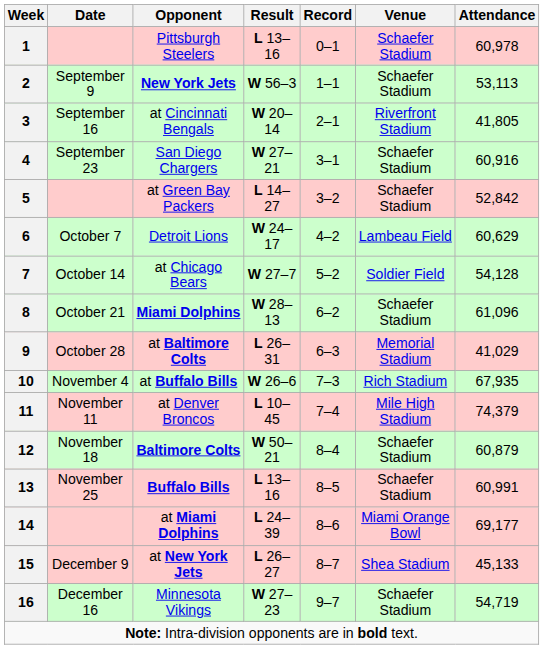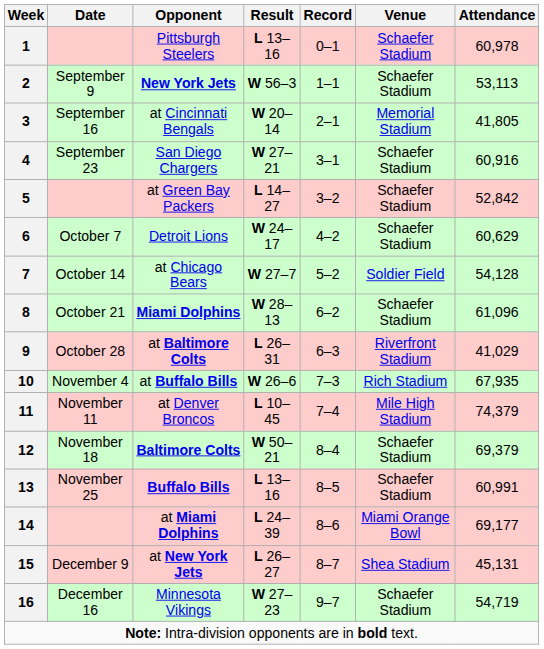 <table class="wikitable" style="text-align:center">
 <tr>
 <th>Week</th>
 <th>Date</th>
 <th>Opponent</th>
 <th>Result</th>
 <th>Record</th>
 <th>Venue</th>
 <th>Attendance</th>
 </tr>
 <tr style="background:#fcc">
 <th>1</th>
 <td></td>
 <td><a href='#'>Pittsburgh Steelers</a></td>
 <td><strong>L</strong> 13–16 </td>
 <td>0–1</td>
 <td><a href='#'>Schaefer Stadium</a></td>
 <td>60,978</td>
 </tr>
 <tr style="background:#cfc">
 <th>2</th>
 <td>September 9</td>
 <td><strong><a href='#'>New York Jets</a></strong></td>
 <td><strong>W</strong> 56–3</td>
 <td>1–1</td>
 <td>Schaefer Stadium</td>
 <td>53,113</td>
 </tr>
 <tr style="background:#cfc">
 <th>3</th>
 <td>September 16</td>
 <td>at <a href='#'>Cincinnati Bengals</a></td>
 <td><strong>W</strong> 20–14</td>
 <td>2–1</td>
-<td><a href='#'>Riverfront Stadium</a></td>
+<td><a href='#'>Memorial Stadium</a></td>
 <td>41,805</td>
 </tr>
 <tr style="background:#cfc">
 <th>4</th>
 <td>September 23</td>
 <td><a href='#'>San Diego Chargers</a></td>
 <td><strong>W</strong> 27–21</td>
 <td>3–1</td>
 <td>Schaefer Stadium</td>
 <td>60,916</td>
 </tr>
 <tr style="background:#fcc">
 <th>5</th>
 <td></td>
 <td>at <a href='#'>Green Bay Packers</a></td>
 <td><strong>L</strong> 14–27</td>
 <td>3–2</td>
 <td>Schaefer Stadium</td>
 <td>52,842</td>
 </tr>
 <tr style="background:#cfc">
 <th>6</th>
 <td>October 7</td>
 <td><a href='#'>Detroit Lions</a></td>
 <td><strong>W</strong> 24–17</td>
 <td>4–2</td>
-<td><a href='#'>Lambeau Field</a></td>
+<td>Schaefer Stadium</td>
 <td>60,629</td>
 </tr>
 <tr style="background:#cfc">
 <th>7</th>
 <td>October 14</td>
 <td>at <a href='#'>Chicago Bears</a></td>
 <td><strong>W</strong> 27–7</td>
 <td>5–2</td>
 <td><a href='#'>Soldier Field</a></td>
 <td>54,128</td>
 </tr>
 <tr style="background:#cfc">
 <th>8</th>
 <td>October 21</td>
 <td><strong><a href='#'>Miami Dolphins</a></strong></td>
 <td><strong>W</strong> 28–13</td>
 <td>6–2</td>
 <td>Schaefer Stadium</td>
 <td>61,096</td>
 </tr>
 <tr style="background:#fcc">
 <th>9</th>
 <td>October 28</td>
 <td>at <strong><a href='#'>Baltimore Colts</a></strong></td>
 <td><strong>L</strong> 26–31</td>
 <td>6–3</td>
-<td><a href='#'>Memorial Stadium</a></td>
+<td><a href='#'>Riverfront Stadium</a></td>
 <td>41,029</td>
 </tr>
 <tr style="background:#cfc">
 <th>10</th>
 <td>November 4</td>
 <td>at <strong><a href='#'>Buffalo Bills</a></strong></td>
 <td><strong>W</strong> 26–6</td>
 <td>7–3</td>
 <td><a href='#'>Rich Stadium</a></td>
 <td>67,935</td>
 </tr>
 <tr style="background:#fcc">
 <th>11</th>
 <td>November 11</td>
 <td>at <a href='#'>Denver Broncos</a></td>
 <td><strong>L</strong> 10–45</td>
 <td>7–4</td>
 <td><a href='#'>Mile High Stadium</a></td>
 <td>74,379</td>
 </tr>
 <tr style="background:#cfc">
 <th>12</th>
 <td>November 18</td>
 <td><strong><a href='#'>Baltimore Colts</a></strong></td>
 <td><strong>W</strong> 50–21</td>
 <td>8–4</td>
 <td>Schaefer Stadium</td>
-<td>60,879</td>
+<td>69,379</td>
 </tr>
 <tr style="background:#fcc">
 <th>13</th>
 <td>November 25</td>
 <td><strong><a href='#'>Buffalo Bills</a></strong></td>
 <td><strong>L</strong> 13–16 </td>
 <td>8–5</td>
 <td>Schaefer Stadium</td>
 <td>60,991</td>
 </tr>
 <tr style="background:#fcc">
 <th>14</th>
 <td></td>
 <td>at <strong><a href='#'>Miami Dolphins</a></strong></td>
 <td><strong>L</strong> 24–39</td>
 <td>8–6</td>
 <td><a href='#'>Miami Orange Bowl</a></td>
 <td>69,177</td>
 </tr>
 <tr style="background:#fcc">
 <th>15</th>
 <td>December 9</td>
 <td>at <strong><a href='#'>New York Jets</a></strong></td>
 <td><strong>L</strong> 26–27</td>
 <td>8–7</td>
 <td><a href='#'>Shea Stadium</a></td>
-<td>45,133</td>
+<td>45,131</td>
 </tr>
 <tr style="background:#cfc">
 <th>16</th>
 <td>December 16</td>
 <td><a href='#'>Minnesota Vikings</a></td>
 <td><strong>W</strong> 27–23</td>
 <td>9–7</td>
 <td>Schaefer Stadium</td>
 <td>54,719</td>
 </tr>
 <tr>
 <td colspan="8"><strong>Note:</strong> Intra-division opponents are in <strong>bold</strong> text.</td>
 </tr>
 </table>
